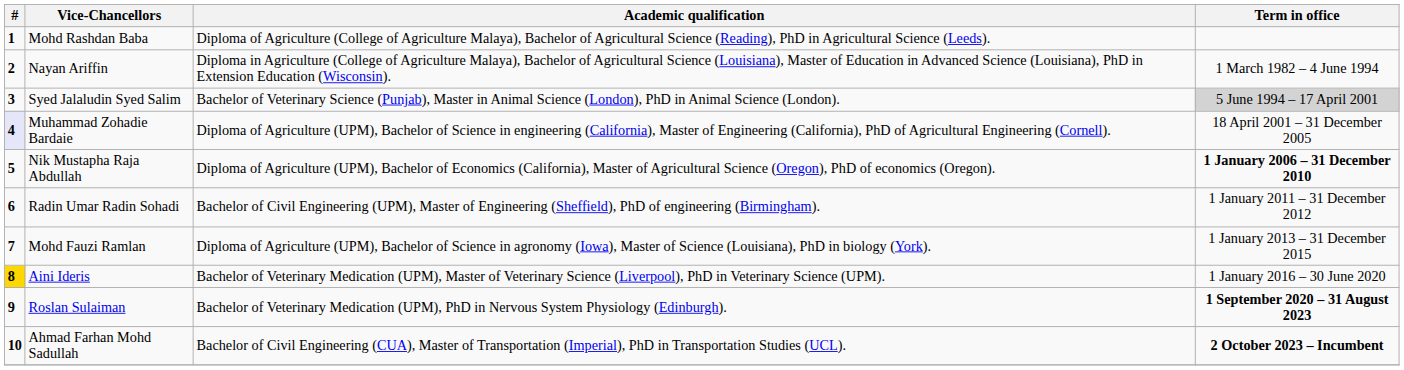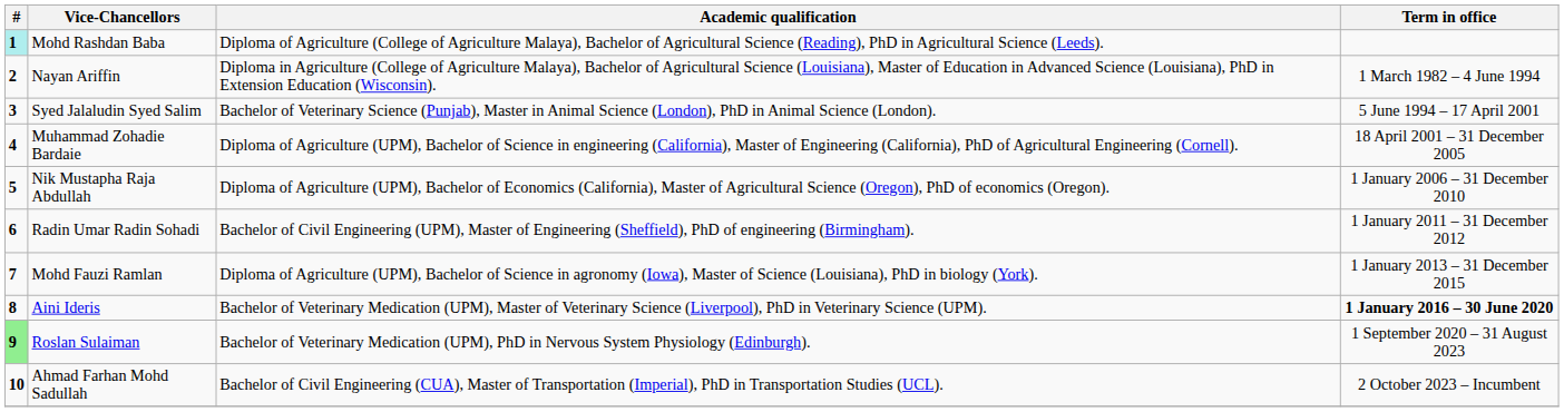 <table class="wikitable">
 <tr>
 <th>#</th>
 <th>Vice-Chancellors</th>
 <th>Academic qualification</th>
 <th>Term in office</th>
 </tr>
 <tr>
-<td><strong>1</strong></td>
+<td style="background: paleturquoise;"><strong>1</strong></td>
 <td>Mohd Rashdan Baba</td>
 <td>Diploma of Agriculture (College of Agriculture Malaya), Bachelor of Agricultural Science (<a href='#'>Reading</a>), PhD in Agricultural Science (<a href='#'>Leeds</a>).</td>
 <td align=center></td>
 </tr>
 <tr>
 <td><strong>2</strong></td>
 <td>Nayan Ariffin</td>
 <td>Diploma in Agriculture (College of Agriculture Malaya), Bachelor of Agricultural Science (<a href='#'>Louisiana</a>), Master of Education in Advanced Science (Louisiana), PhD in Extension Education (<a href='#'>Wisconsin</a>).</td>
 <td align=center>1 March 1982 – 4 June 1994</td>
 </tr>
 <tr>
 <td><strong>3</strong></td>
 <td>Syed Jalaludin Syed Salim</td>
 <td>Bachelor of Veterinary Science (<a href='#'>Punjab</a>), Master in Animal Science (<a href='#'>London</a>), PhD in Animal Science (London).</td>
-<td align=center style="background: lightgrey;">5 June 1994 – 17 April 2001</td>
+<td align=center>5 June 1994 – 17 April 2001</td>
 </tr>
 <tr>
-<td style="background: lavender;"><strong>4</strong></td>
+<td><strong>4</strong></td>
 <td>Muhammad Zohadie Bardaie</td>
 <td>Diploma of Agriculture (UPM), Bachelor of Science in engineering (<a href='#'>California</a>), Master of Engineering (California), PhD of Agricultural Engineering (<a href='#'>Cornell</a>).</td>
 <td align=center>18 April 2001 – 31 December 2005</td>
 </tr>
 <tr>
 <td><strong>5</strong></td>
 <td>Nik Mustapha Raja Abdullah</td>
 <td>Diploma of Agriculture (UPM), Bachelor of Economics (California), Master of Agricultural Science (<a href='#'>Oregon</a>), PhD of economics (Oregon).</td>
-<td align=center><strong>1 January 2006 – 31 December 2010</strong></td>
+<td align=center>1 January 2006 – 31 December 2010</td>
 </tr>
 <tr>
 <td><strong>6</strong></td>
 <td>Radin Umar Radin Sohadi</td>
 <td>Bachelor of Civil Engineering (UPM), Master of Engineering (<a href='#'>Sheffield</a>), PhD of engineering (<a href='#'>Birmingham</a>).</td>
 <td align=center>1 January 2011 – 31 December 2012</td>
 </tr>
 <tr>
 <td><strong>7</strong></td>
 <td>Mohd Fauzi Ramlan</td>
 <td>Diploma of Agriculture (UPM), Bachelor of Science in agronomy (<a href='#'>Iowa</a>), Master of Science (Louisiana), PhD in biology (<a href='#'>York</a>).</td>
 <td align=center>1 January 2013 – 31 December 2015</td>
 </tr>
 <tr>
-<td style="background: gold;"><strong>8</strong></td>
+<td><strong>8</strong></td>
 <td><a href='#'>Aini Ideris</a></td>
 <td>Bachelor of Veterinary Medication (UPM), Master of Veterinary Science (<a href='#'>Liverpool</a>), PhD in Veterinary Science (UPM).</td>
-<td align=center>1 January 2016 – 30 June 2020</td>
+<td align=center><strong>1 January 2016 – 30 June 2020</strong></td>
 </tr>
 <tr>
-<td><strong>9</strong></td>
+<td style="background: lightgreen;"><strong>9</strong></td>
 <td><a href='#'>Roslan Sulaiman</a></td>
 <td>Bachelor of Veterinary Medication (UPM), PhD in Nervous System Physiology (<a href='#'>Edinburgh</a>).</td>
-<td align=center><strong>1 September 2020 – 31 August 2023</strong></td>
+<td align=center>1 September 2020 – 31 August 2023</td>
 </tr>
 <tr>
 <td><strong>10</strong></td>
 <td>Ahmad Farhan Mohd Sadullah</td>
 <td>Bachelor of Civil Engineering (<a href='#'>CUA</a>), Master of Transportation (<a href='#'>Imperial</a>), PhD in Transportation Studies (<a href='#'>UCL</a>).</td>
-<td align=center><strong>2 October 2023 – Incumbent</strong></td>
+<td align=center>2 October 2023 – Incumbent</td>
 </tr>
 <tr>
 </tr>
 </table>
